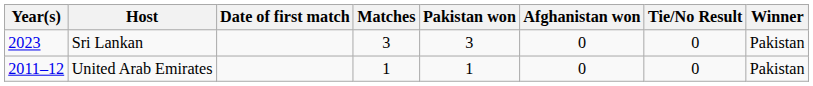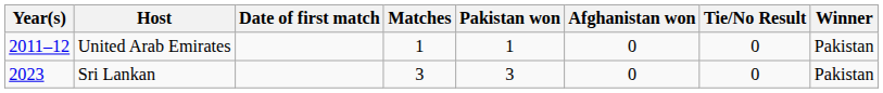 <table class="wikitable sortable">
 <tr>
 <th scope="col">Year(s)</th>
 <th scope="col">Host</th>
 <th scope="col">Date of first match</th>
 <th scope="col">Matches</th>
 <th scope="col">Pakistan won</th>
 <th scope="col">Afghanistan won</th>
 <th scope="col">Tie/No Result</th>
 <th scope="col">Winner</th>
 </tr>
 <tr>
+<td><a href='#'>2011–12</a></td>
+<td>United Arab Emirates</td>
+<td></td>
+<td style="text-align:center;">1</td>
+<td style="text-align:center;">1</td>
+<td style="text-align:center;">0</td>
+<td style="text-align:center;">0</td>
+<td>Pakistan</td>
+</tr>
+<tr>
 <td><a href='#'>2023</a></td>
 <td>Sri Lankan</td>
 <td></td>
 <td style="text-align:center;">3</td>
 <td style="text-align:center;">3</td>
 <td style="text-align:center;">0</td>
 <td style="text-align:center;">0</td>
 <td>Pakistan</td>
 </tr>
-<tr>
-<td><a href='#'>2011–12</a></td>
-<td>United Arab Emirates</td>
-<td></td>
-<td style="text-align:center;">1</td>
-<td style="text-align:center;">1</td>
-<td style="text-align:center;">0</td>
-<td style="text-align:center;">0</td>
-<td>Pakistan</td>
-</tr>
 </table>
